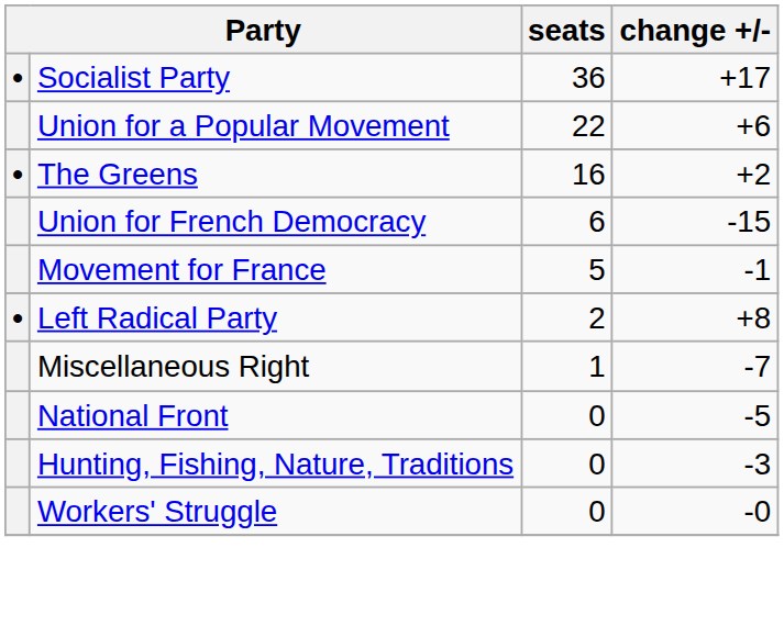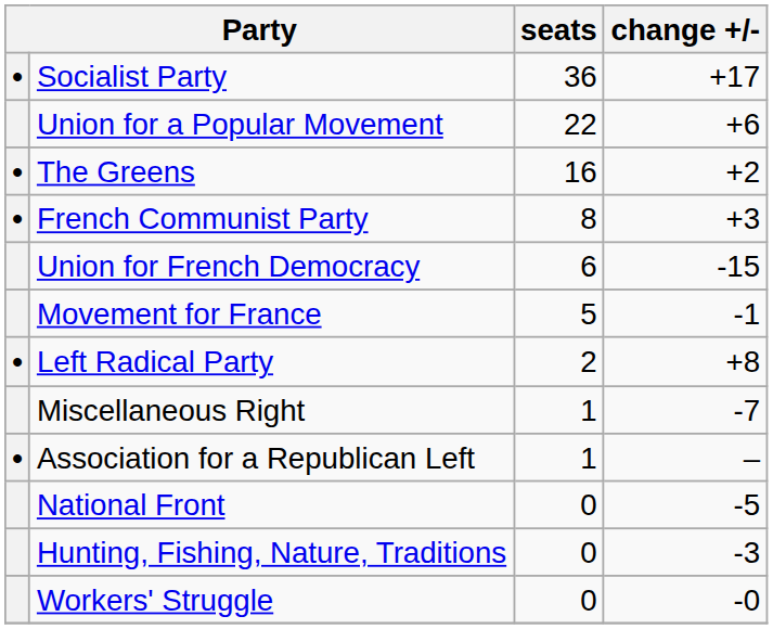 <table class="wikitable" style="font-size: 95%;">
 <tr>
 <th colspan=2>Party</th>
 <th>seats</th>
 <th>change +/-</th>
 </tr>
 <tr>
 <th style="background-color: "><span>•</span></th>
 <td><a href='#'>Socialist Party</a></td>
 <td align="right">36</td>
 <td align="right">+17</td>
 </tr>
 <tr>
 <th style="background-color: "></th>
 <td><a href='#'>Union for a Popular Movement</a></td>
 <td align="right">22</td>
 <td align="right">+6</td>
 </tr>
 <tr>
 <th style="background-color: "><span>•</span></th>
 <td><a href='#'>The Greens</a></td>
 <td align="right">16</td>
 <td align="right">+2</td>
+</tr>
+<tr>
+<th style="background-color: "><span>•</span></th>
+<td><a href='#'>French Communist Party</a></td>
+<td align="right">8</td>
+<td align="right">+3</td>
 </tr>
 <tr>
 <th style="background-color: "></th>
 <td><a href='#'>Union for French Democracy</a></td>
 <td align="right">6</td>
 <td align="right">-15</td>
 </tr>
 <tr>
 <th style="background-color: "></th>
 <td><a href='#'>Movement for France</a></td>
 <td align="right">5</td>
 <td align="right">-1</td>
 </tr>
 <tr>
 <th style="background-color: "><span>•</span></th>
 <td><a href='#'>Left Radical Party</a></td>
 <td align="right">2</td>
 <td align="right">+8</td>
 </tr>
 <tr>
 <th style="background-color: "></th>
 <td>Miscellaneous Right</td>
 <td align="right">1</td>
 <td align="right">-7</td>
 </tr>
 <tr>
+<th style="background-color: "><span>•</span></th>
+<td>Association for a Republican Left</td>
+<td align="right">1</td>
+<td align="right">–</td>
+</tr>
+<tr>
 <th style="background-color: "></th>
 <td><a href='#'>National Front</a></td>
 <td align="right">0</td>
 <td align="right">-5</td>
 </tr>
 <tr>
 <th style="background-color: "></th>
 <td><a href='#'>Hunting, Fishing, Nature, Traditions</a></td>
 <td align="right">0</td>
 <td align="right">-3</td>
 </tr>
 <tr>
 <th style="background-color: "></th>
 <td><a href='#'>Workers' Struggle</a></td>
 <td align="right">0</td>
 <td align="right">-0</td>
 </tr>
 <tr>
 </tr>
 </table>
